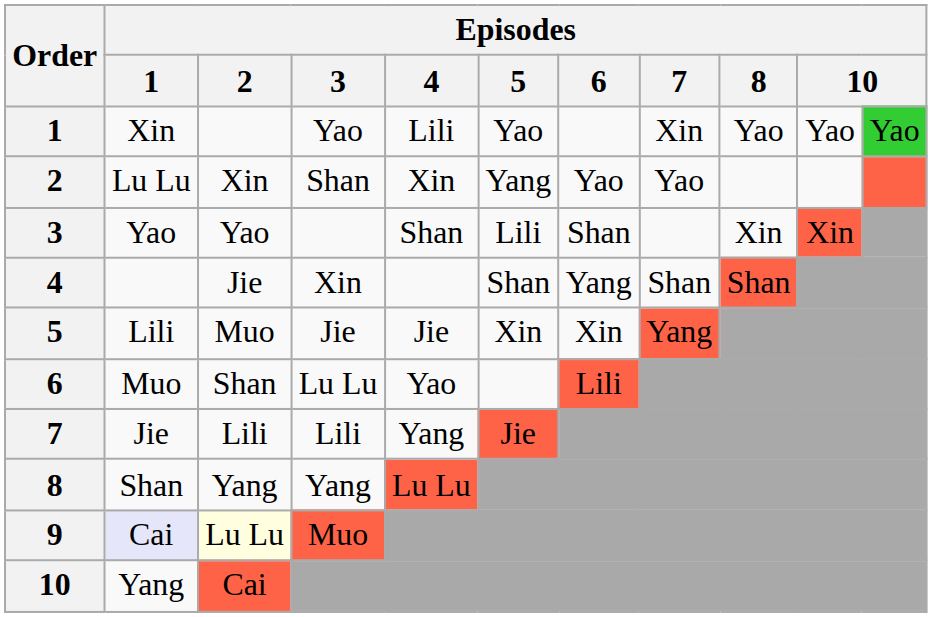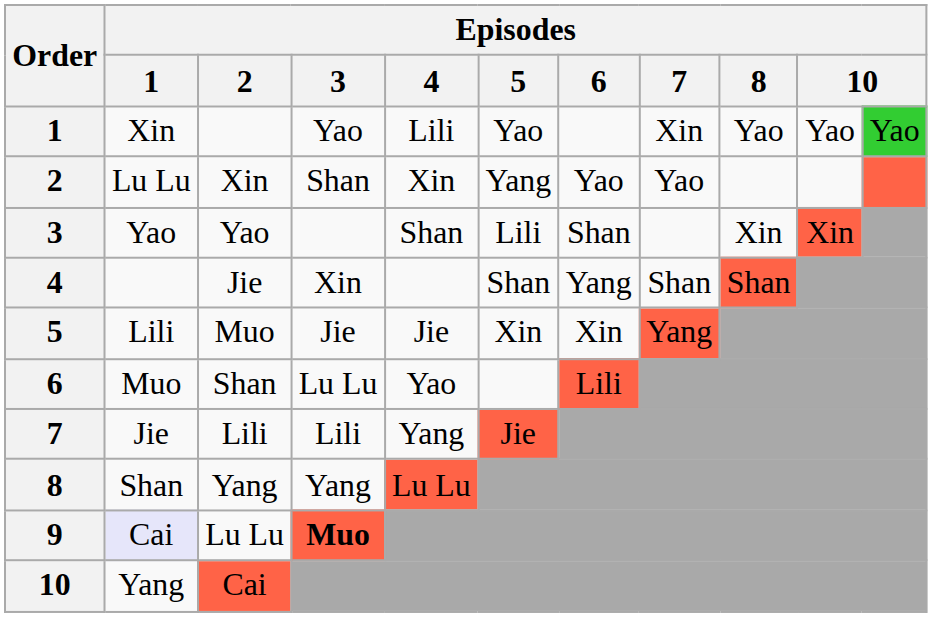 <table class="wikitable" style="text-align:center; font-size:100%">
 <tr>
 <th rowspan=2>Order</th>
 <th colspan=12>Episodes</th>
 </tr>
 <tr>
 <th>1</th>
 <th>2</th>
 <th>3</th>
 <th>4</th>
 <th>5</th>
 <th>6</th>
 <th>7</th>
 <th>8</th>
 <th colspan="2">10</th>
 </tr>
 <tr>
 <th>1</th>
 <td>Xin</td>
 <td></td>
 <td>Yao</td>
 <td>Lili</td>
 <td>Yao</td>
 <td></td>
 <td>Xin</td>
 <td>Yao</td>
 <td>Yao</td>
 <td style="background-color:limegreen;">Yao</td>
 </tr>
 <tr>
 <th>2</th>
 <td>Lu Lu</td>
 <td>Xin</td>
 <td>Shan</td>
 <td>Xin</td>
 <td>Yang</td>
 <td>Yao</td>
 <td>Yao</td>
 <td></td>
 <td></td>
 <td style="background-color:tomato;"></td>
 </tr>
 <tr>
 <th>3</th>
 <td>Yao</td>
 <td>Yao</td>
 <td></td>
 <td>Shan</td>
 <td>Lili</td>
 <td>Shan</td>
 <td></td>
 <td>Xin</td>
 <td style="background-color:tomato;">Xin</td>
 <td style="background:darkgray"></td>
 </tr>
 <tr>
 <th>4</th>
 <td></td>
 <td>Jie</td>
 <td>Xin</td>
 <td></td>
 <td>Shan</td>
 <td>Yang</td>
 <td>Shan</td>
 <td style="background-color:tomato;">Shan</td>
 <td style="background:darkgray" colspan="2"></td>
 </tr>
 <tr>
 <th>5</th>
 <td>Lili</td>
 <td>Muo</td>
 <td>Jie</td>
 <td>Jie</td>
 <td>Xin</td>
 <td>Xin</td>
 <td style="background-color:tomato;">Yang</td>
 <td style="background:darkgray" colspan="4"></td>
 </tr>
 <tr>
 <th>6</th>
 <td>Muo</td>
 <td>Shan</td>
 <td>Lu Lu</td>
 <td>Yao</td>
 <td></td>
 <td style="background-color:tomato;">Lili</td>
 <td style="background:darkgray" colspan="5"></td>
 </tr>
 <tr>
 <th>7</th>
 <td>Jie</td>
 <td>Lili</td>
 <td>Lili</td>
 <td>Yang</td>
 <td style="background-color:tomato;">Jie</td>
 <td style="background:darkgray" colspan="6"></td>
 </tr>
 <tr>
 <th>8</th>
 <td>Shan</td>
 <td>Yang</td>
 <td>Yang</td>
 <td style="background-color:tomato;">Lu Lu</td>
 <td style="background:darkgray" colspan="7"></td>
 </tr>
 <tr>
 <th>9</th>
 <td style="background: lavender;">Cai</td>
-<td style="background: lightyellow;">Lu Lu</td>
-<td style="background-color:tomato;">Muo</td>
+<td>Lu Lu</td>
+<td style="background-color:tomato;"><strong>Muo</strong></td>
 <td style="background:darkgray" colspan="8"></td>
 </tr>
 <tr>
 <th>10</th>
 <td>Yang</td>
 <td style="background-color:tomato;">Cai</td>
 <td style="background:darkgray" colspan="9"></td>
 </tr>
 </table>
